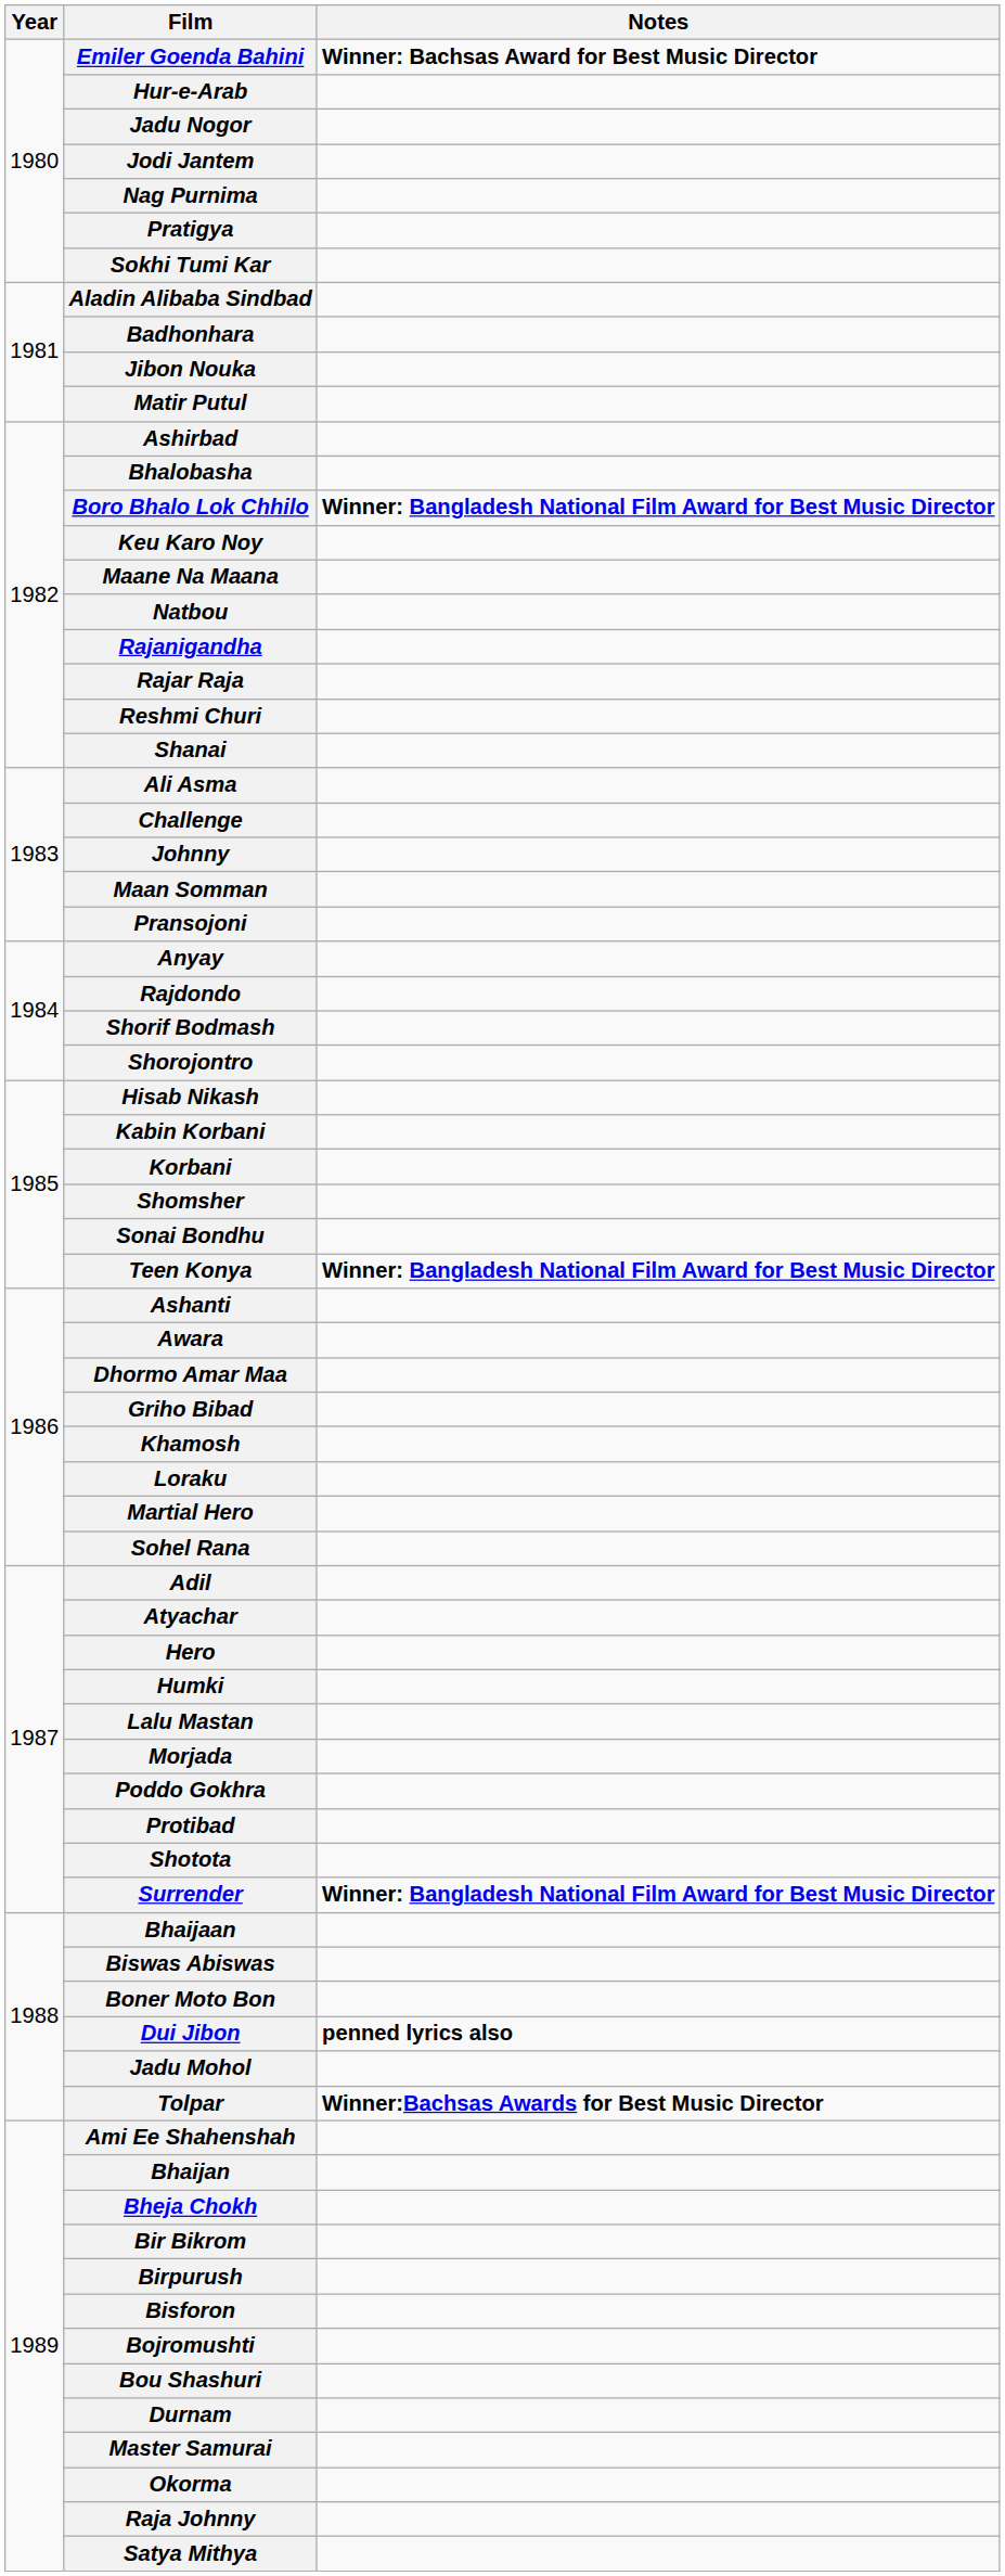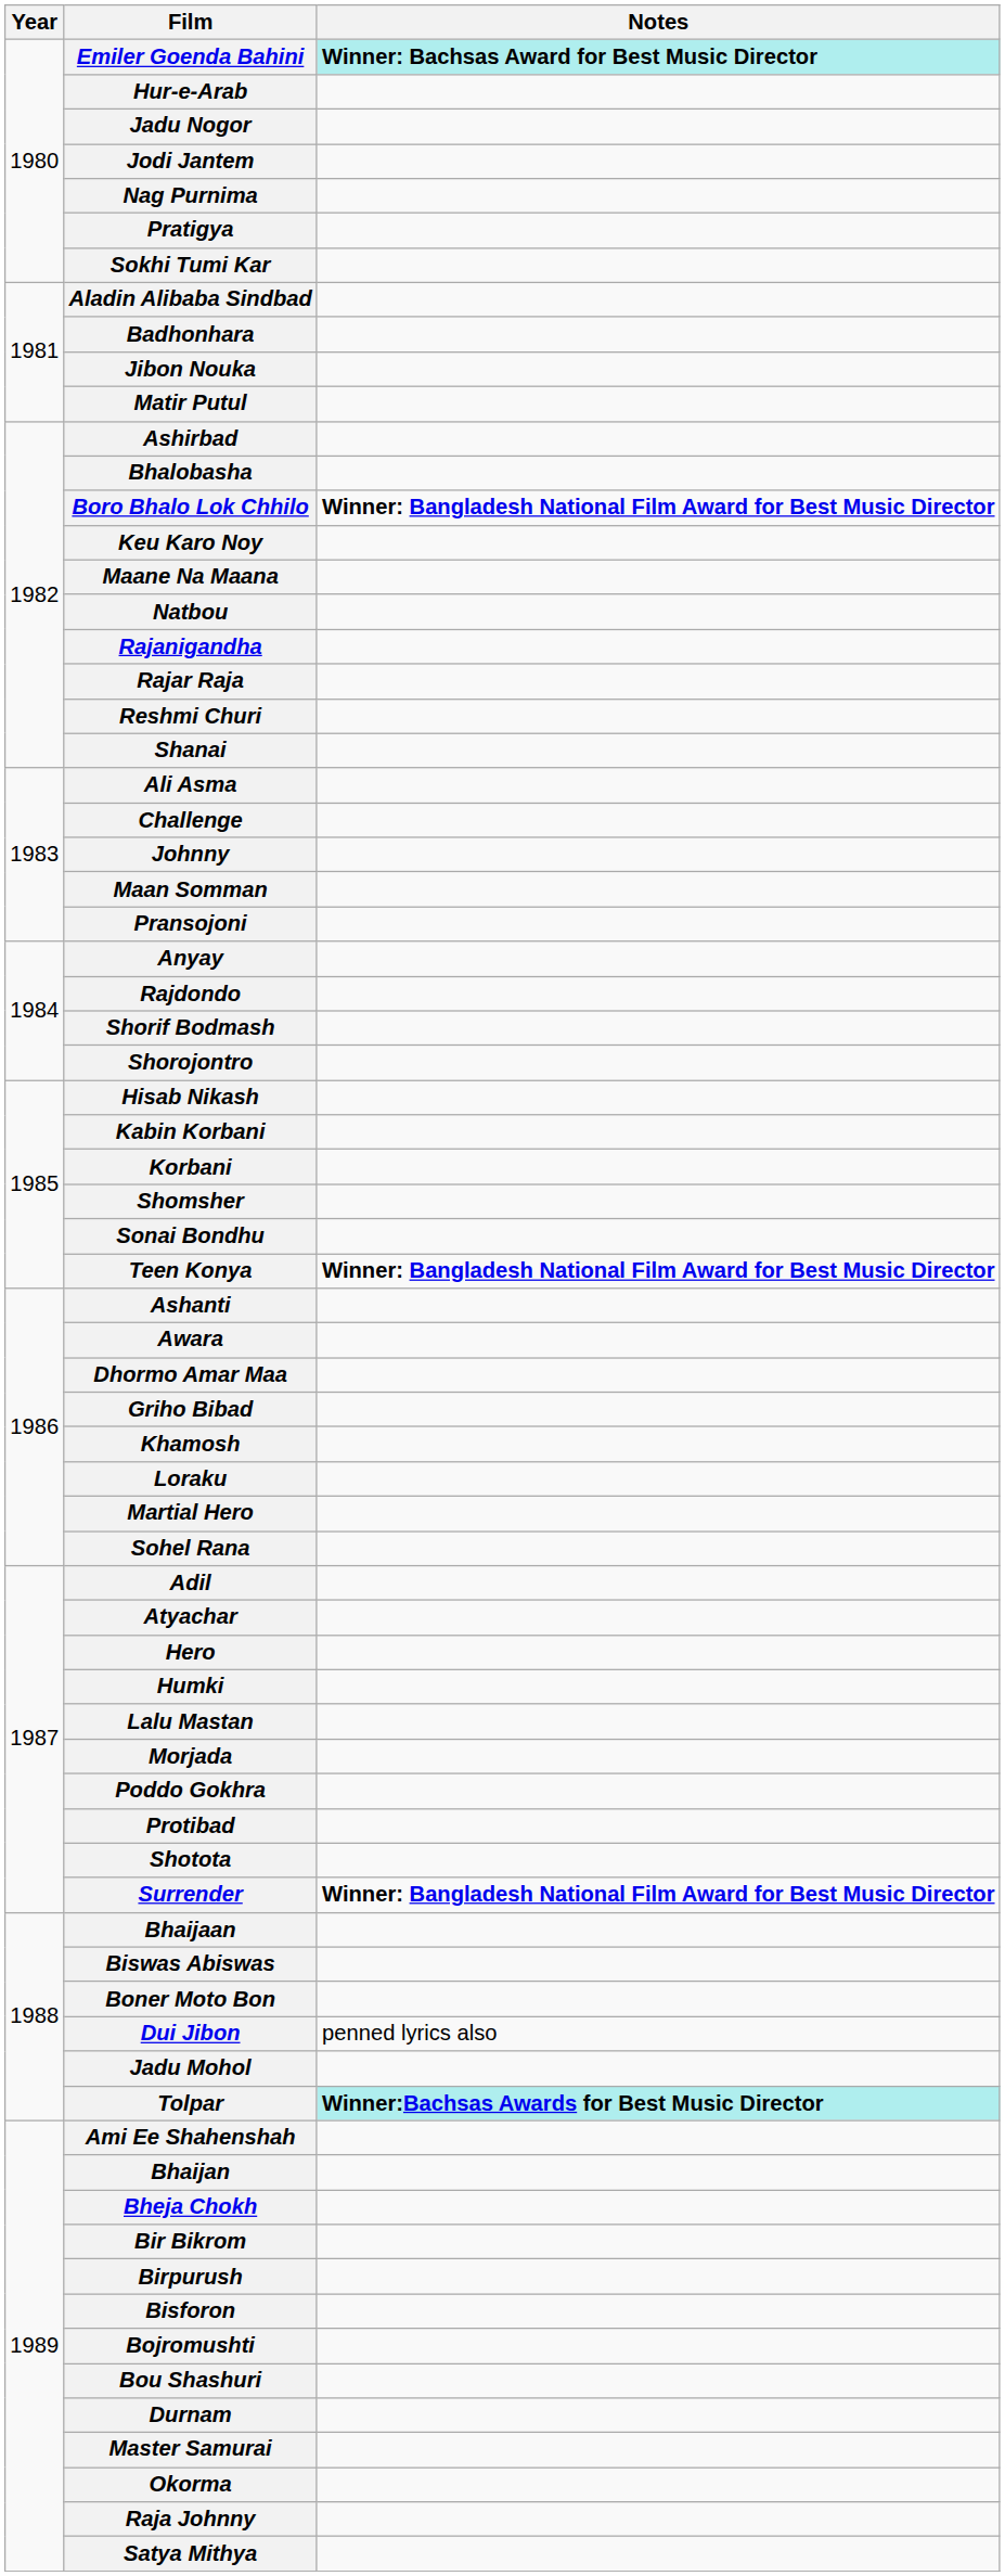 <table class="wikitable sortable">
 <tr>
 <th>Year</th>
 <th>Film</th>
 <th>Notes</th>
 </tr>
 <tr>
 <td rowspan=7>1980</td>
 <th><em><a href='#'>Emiler Goenda Bahini</a></em></th>
-<td><strong>Winner: Bachsas Award for Best Music Director</strong></td>
+<td style="background: paleturquoise;"><strong>Winner: Bachsas Award for Best Music Director</strong></td>
 </tr>
 <tr>
 <th><em>Hur-e-Arab</em></th>
 <td></td>
 </tr>
 <tr>
 <th><em>Jadu Nogor</em></th>
 <td></td>
 </tr>
 <tr>
 <th><em>Jodi Jantem</em></th>
 <td></td>
 </tr>
 <tr>
 <th><em>Nag Purnima</em></th>
 <td></td>
 </tr>
 <tr>
 <th><em>Pratigya</em></th>
 <td></td>
 </tr>
 <tr>
 <th><em>Sokhi Tumi Kar</em></th>
 <td></td>
 </tr>
 <tr>
 <td rowspan=4>1981</td>
 <th><em>Aladin Alibaba Sindbad</em></th>
 <td></td>
 </tr>
 <tr>
 <th><em>Badhonhara</em></th>
 <td></td>
 </tr>
 <tr>
 <th><em>Jibon Nouka</em></th>
 <td></td>
 </tr>
 <tr>
 <th><em>Matir Putul</em></th>
 <td></td>
 </tr>
 <tr>
 <td rowspan=10>1982</td>
 <th><em>Ashirbad</em></th>
 <td></td>
 </tr>
 <tr>
 <th><em>Bhalobasha</em></th>
 <td></td>
 </tr>
 <tr>
 <th><em><a href='#'>Boro Bhalo Lok Chhilo</a></em> </th>
 <td><strong>Winner: <a href='#'>Bangladesh National Film Award for Best Music Director</a></strong> </td>
 </tr>
 <tr>
 <th><em>Keu Karo Noy</em></th>
 <td></td>
 </tr>
 <tr>
 <th><em>Maane Na Maana</em></th>
 <td></td>
 </tr>
 <tr>
 <th><em>Natbou</em></th>
 <td></td>
 </tr>
 <tr>
 <th><em><a href='#'>Rajanigandha</a></em></th>
 <td></td>
 </tr>
 <tr>
 <th><em>Rajar Raja</em></th>
 <td></td>
 </tr>
 <tr>
 <th><em>Reshmi Churi</em></th>
 <td></td>
 </tr>
 <tr>
 <th><em>Shanai</em></th>
 <td></td>
 </tr>
 <tr>
 <td rowspan=5>1983</td>
 <th><em>Ali Asma</em></th>
 <td></td>
 </tr>
 <tr>
 <th><em>Challenge</em></th>
 <td></td>
 </tr>
 <tr>
 <th><em>Johnny</em></th>
 <td></td>
 </tr>
 <tr>
 <th><em>Maan Somman</em></th>
 <td></td>
 </tr>
 <tr>
 <th><em>Pransojoni</em></th>
 <td></td>
 </tr>
 <tr>
 <td rowspan=4>1984</td>
 <th><em>Anyay</em></th>
 <td></td>
 </tr>
 <tr>
 <th><em>Rajdondo</em></th>
 <td></td>
 </tr>
 <tr>
 <th><em>Shorif Bodmash</em></th>
 <td></td>
 </tr>
 <tr>
 <th><em>Shorojontro</em></th>
 <td></td>
 </tr>
 <tr>
 <td rowspan=6>1985</td>
 <th><em>Hisab Nikash</em></th>
 <td></td>
 </tr>
 <tr>
 <th><em>Kabin Korbani</em></th>
 <td></td>
 </tr>
 <tr>
 <th><em>Korbani</em></th>
 <td></td>
 </tr>
 <tr>
 <th><em>Shomsher</em></th>
 <td></td>
 </tr>
 <tr>
 <th><em>Sonai Bondhu</em></th>
 <td></td>
 </tr>
 <tr>
 <th><em>Teen Konya</em></th>
 <td><strong>Winner: <a href='#'>Bangladesh National Film Award for Best Music Director</a></strong> </td>
 </tr>
 <tr>
 <td rowspan=8>1986</td>
 <th><em>Ashanti</em></th>
 <td></td>
 </tr>
 <tr>
 <th><em>Awara</em></th>
 <td></td>
 </tr>
 <tr>
 <th><em>Dhormo Amar Maa</em></th>
 <td></td>
 </tr>
 <tr>
 <th><em>Griho Bibad</em></th>
 <td></td>
 </tr>
 <tr>
 <th><em>Khamosh</em></th>
 <td></td>
 </tr>
 <tr>
 <th><em>Loraku</em></th>
 <td></td>
 </tr>
 <tr>
 <th><em>Martial Hero</em></th>
 <td></td>
 </tr>
 <tr>
 <th><em>Sohel Rana</em></th>
 <td></td>
 </tr>
 <tr>
 <td rowspan=10>1987</td>
 <th><em>Adil</em></th>
 <td></td>
 </tr>
 <tr>
 <th><em>Atyachar</em></th>
 <td></td>
 </tr>
 <tr>
 <th><em>Hero</em></th>
 <td></td>
 </tr>
 <tr>
 <th><em>Humki</em></th>
 <td></td>
 </tr>
 <tr>
 <th><em>Lalu Mastan</em></th>
 <td></td>
 </tr>
 <tr>
 <th><em>Morjada</em></th>
 <td></td>
 </tr>
 <tr>
 <th><em>Poddo Gokhra</em></th>
 <td></td>
 </tr>
 <tr>
 <th><em>Protibad</em></th>
 <td></td>
 </tr>
 <tr>
 <th><em>Shotota</em></th>
 <td></td>
 </tr>
 <tr>
 <th><em><a href='#'>Surrender</a></em></th>
 <td><strong>Winner: <a href='#'>Bangladesh National Film Award for Best Music Director</a></strong> </td>
 </tr>
 <tr>
 <td rowspan=6>1988</td>
 <th><em>Bhaijaan</em></th>
 <td></td>
 </tr>
 <tr>
 <th><em>Biswas Abiswas</em></th>
 <td></td>
 </tr>
 <tr>
 <th><em>Boner Moto Bon</em></th>
 <td></td>
 </tr>
 <tr>
 <th><em><a href='#'>Dui Jibon</a></em></th>
-<td><strong>penned lyrics also</strong></td>
+<td>penned lyrics also</td>
 </tr>
 <tr>
 <th><em>Jadu Mohol</em></th>
 <td></td>
 </tr>
 <tr>
 <th><em>Tolpar</em></th>
-<td><strong>Winner:<a href='#'>Bachsas Awards</a> for Best Music Director</strong></td>
+<td style="background: paleturquoise;"><strong>Winner:<a href='#'>Bachsas Awards</a> for Best Music Director</strong></td>
 </tr>
 <tr>
 <td rowspan=13>1989</td>
 <th><em>Ami Ee Shahenshah</em></th>
 <td></td>
 </tr>
 <tr>
 <th><em>Bhaijan</em></th>
 <td></td>
 </tr>
 <tr>
 <th><em><a href='#'>Bheja Chokh</a></em></th>
 <td></td>
 </tr>
 <tr>
 <th><em>Bir Bikrom</em></th>
 <td></td>
 </tr>
 <tr>
 <th><em>Birpurush</em></th>
 <td></td>
 </tr>
 <tr>
 <th><em>Bisforon</em></th>
 <td></td>
 </tr>
 <tr>
 <th><em>Bojromushti</em></th>
 <td></td>
 </tr>
 <tr>
 <th><em>Bou Shashuri</em></th>
 <td></td>
 </tr>
 <tr>
 <th><em>Durnam</em></th>
 <td></td>
 </tr>
 <tr>
 <th><em>Master Samurai</em></th>
 <td></td>
 </tr>
 <tr>
 <th><em>Okorma</em></th>
 <td></td>
 </tr>
 <tr>
 <th><em>Raja Johnny</em></th>
 <td></td>
 </tr>
 <tr>
 <th><em>Satya Mithya</em> </th>
 <td></td>
 </tr>
 <tr>
 </tr>
 </table>
